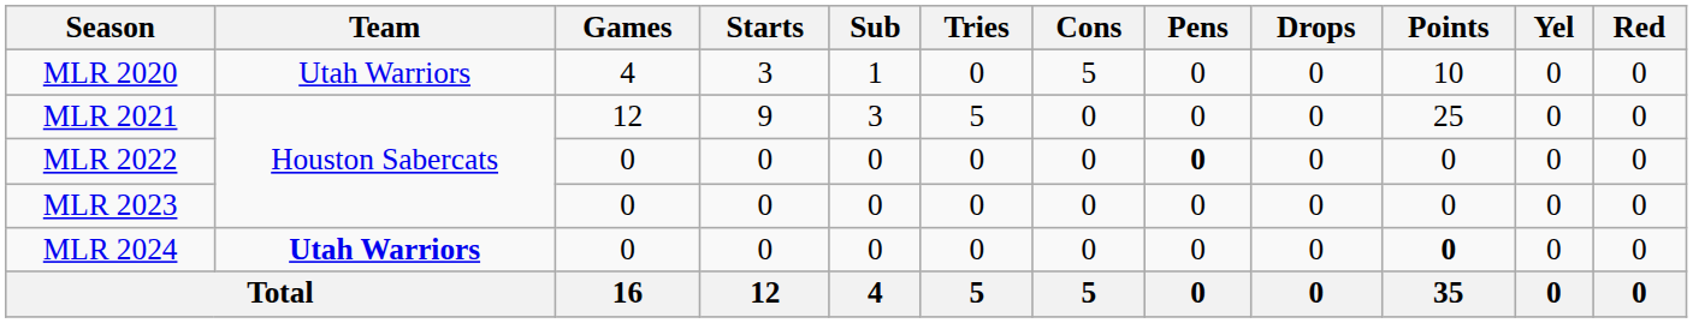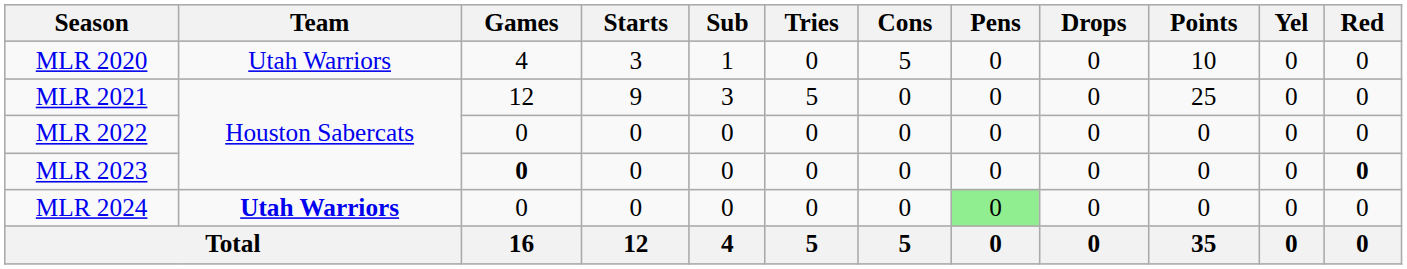 <table class="wikitable" style="text-align:center; line-height:100%; font-size:100%; width:70%;">
 <tr>
 <th>Season</th>
 <th>Team</th>
 <th>Games</th>
 <th>Starts</th>
 <th>Sub</th>
 <th>Tries</th>
 <th>Cons</th>
 <th>Pens</th>
 <th>Drops</th>
 <th>Points</th>
 <th>Yel</th>
 <th>Red</th>
 </tr>
 <tr>
 <td><a href='#'>MLR 2020</a></td>
 <td><a href='#'>Utah Warriors</a></td>
 <td>4</td>
 <td>3</td>
 <td>1</td>
 <td>0</td>
 <td>5</td>
 <td>0</td>
 <td>0</td>
 <td>10</td>
 <td>0</td>
 <td>0</td>
 </tr>
 <tr>
 <td><a href='#'>MLR 2021</a></td>
 <td rowspan="3"><a href='#'>Houston Sabercats</a></td>
 <td>12</td>
 <td>9</td>
 <td>3</td>
 <td>5</td>
 <td>0</td>
 <td>0</td>
 <td>0</td>
 <td>25</td>
 <td>0</td>
 <td>0</td>
 </tr>
 <tr>
 <td><a href='#'>MLR 2022</a></td>
 <td>0</td>
 <td>0</td>
 <td>0</td>
 <td>0</td>
 <td>0</td>
-<td><strong>0</strong></td>
+<td>0</td>
 <td>0</td>
 <td>0</td>
 <td>0</td>
 <td>0</td>
 </tr>
 <tr>
 <td><a href='#'>MLR 2023</a></td>
+<td><strong>0</strong></td>
 <td>0</td>
 <td>0</td>
 <td>0</td>
 <td>0</td>
 <td>0</td>
 <td>0</td>
 <td>0</td>
 <td>0</td>
-<td>0</td>
-<td>0</td>
+<td><strong>0</strong></td>
 </tr>
 <tr>
 <td><a href='#'>MLR 2024</a></td>
 <td><strong><a href='#'>Utah Warriors</a></strong></td>
 <td>0</td>
 <td>0</td>
 <td>0</td>
 <td>0</td>
 <td>0</td>
+<td style="background: lightgreen;">0</td>
 <td>0</td>
 <td>0</td>
-<td><strong>0</strong></td>
 <td>0</td>
 <td>0</td>
 </tr>
 <tr>
 <th colspan="2">Total</th>
 <th>16</th>
 <th>12</th>
 <th>4</th>
 <th>5</th>
 <th>5</th>
 <th>0</th>
 <th>0</th>
 <th>35</th>
 <th>0</th>
 <th>0</th>
 </tr>
 </table>
